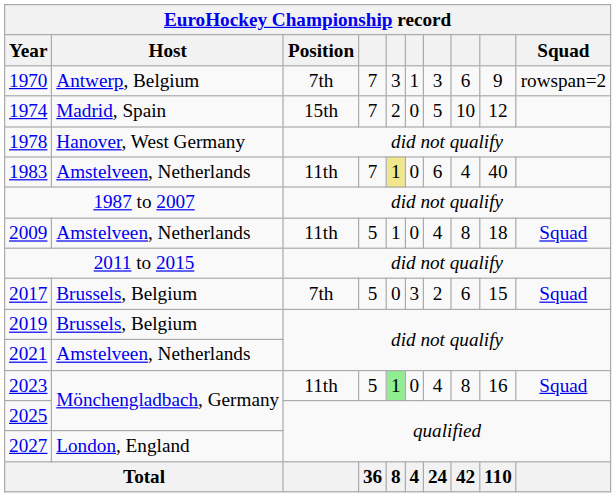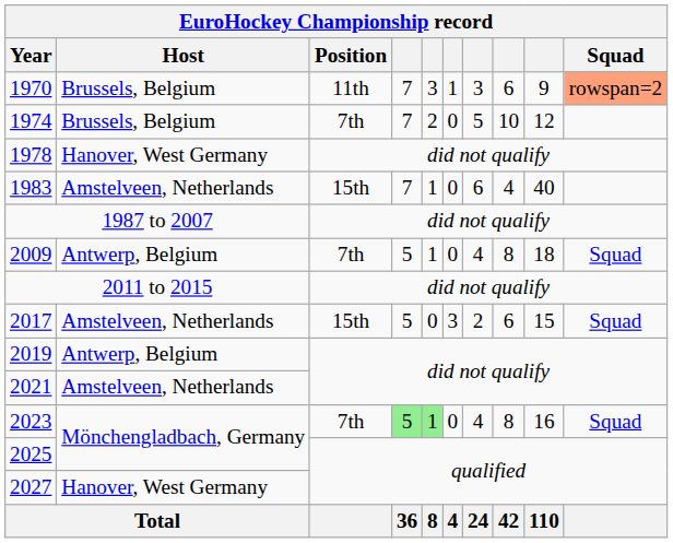 <table class="wikitable" style="text-align: center;">
 <tr>
 <th colspan=10><a href='#'>EuroHockey Championship</a> record</th>
 </tr>
 <tr>
 <th>Year</th>
 <th>Host</th>
 <th>Position</th>
 <th></th>
 <th></th>
 <th></th>
 <th></th>
 <th></th>
 <th></th>
 <th>Squad</th>
 </tr>
 <tr>
 <td><a href='#'>1970</a></td>
-<td align=left> <a href='#'>Antwerp</a>, Belgium</td>
-<td>7th</td>
+<td align=left> <a href='#'>Brussels</a>, Belgium</td>
+<td>11th</td>
 <td>7</td>
 <td>3</td>
 <td>1</td>
 <td>3</td>
 <td>6</td>
 <td>9</td>
-<td>rowspan=2 </td>
+<td style="background: lightsalmon;">rowspan=2 </td>
 </tr>
 <tr>
 <td><a href='#'>1974</a></td>
-<td align=left> <a href='#'>Madrid</a>, Spain</td>
-<td>15th</td>
+<td align=left> <a href='#'>Brussels</a>, Belgium</td>
+<td>7th</td>
 <td>7</td>
 <td>2</td>
 <td>0</td>
 <td>5</td>
 <td>10</td>
 <td>12</td>
 </tr>
 <tr>
 <td><a href='#'>1978</a></td>
 <td align=left> <a href='#'>Hanover</a>, West Germany</td>
 <td colspan=8><em>did not qualify</em></td>
 </tr>
 <tr>
 <td><a href='#'>1983</a></td>
 <td align=left> <a href='#'>Amstelveen</a>, Netherlands</td>
-<td>11th</td>
+<td>15th</td>
 <td>7</td>
-<td style="background: khaki;">1</td>
+<td>1</td>
 <td>0</td>
 <td>6</td>
 <td>4</td>
 <td>40</td>
 <td></td>
 </tr>
 <tr>
 <td colspan=2><a href='#'>1987</a> to <a href='#'>2007</a></td>
 <td colspan=8><em>did not qualify</em></td>
 </tr>
 <tr>
 <td><a href='#'>2009</a></td>
-<td align=left> <a href='#'>Amstelveen</a>, Netherlands</td>
-<td>11th</td>
+<td align=left> <a href='#'>Antwerp</a>, Belgium</td>
+<td>7th</td>
 <td>5</td>
 <td>1</td>
 <td>0</td>
 <td>4</td>
 <td>8</td>
 <td>18</td>
 <td><a href='#'>Squad</a></td>
 </tr>
 <tr>
 <td colspan=2><a href='#'>2011</a> to <a href='#'>2015</a></td>
 <td colspan=8><em>did not qualify</em></td>
 </tr>
 <tr>
 <td><a href='#'>2017</a></td>
-<td align=left> <a href='#'>Brussels</a>, Belgium</td>
-<td>7th</td>
+<td align=left> <a href='#'>Amstelveen</a>, Netherlands</td>
+<td>15th</td>
 <td>5</td>
 <td>0</td>
 <td>3</td>
 <td>2</td>
 <td>6</td>
 <td>15</td>
 <td><a href='#'>Squad</a></td>
 </tr>
 <tr>
 <td><a href='#'>2019</a></td>
-<td align=left> <a href='#'>Brussels</a>, Belgium</td>
+<td align=left> <a href='#'>Antwerp</a>, Belgium</td>
 <td colspan=8 rowspan=2><em>did not qualify</em></td>
 </tr>
 <tr>
 <td><a href='#'>2021</a></td>
 <td align=left> <a href='#'>Amstelveen</a>, Netherlands</td>
 </tr>
 <tr>
 <td><a href='#'>2023</a></td>
 <td align=left rowspan=2> <a href='#'>Mönchengladbach</a>, Germany</td>
-<td>11th</td>
-<td>5</td>
+<td>7th</td>
+<td style="background: lightgreen;">5</td>
 <td style="background: lightgreen;">1</td>
 <td>0</td>
 <td>4</td>
 <td>8</td>
 <td>16</td>
 <td><a href='#'>Squad</a></td>
 </tr>
 <tr>
 <td><a href='#'>2025</a></td>
 <td colspan=8 rowspan=2><em>qualified</em></td>
 </tr>
 <tr>
 <td><a href='#'>2027</a></td>
-<td align=left> <a href='#'>London</a>, England</td>
+<td align=left> <a href='#'>Hanover</a>, West Germany</td>
 </tr>
 <tr>
 <th colspan=2>Total</th>
 <th></th>
 <th>36</th>
 <th>8</th>
 <th>4</th>
 <th>24</th>
 <th>42</th>
 <th>110</th>
 <th></th>
 </tr>
 </table>
